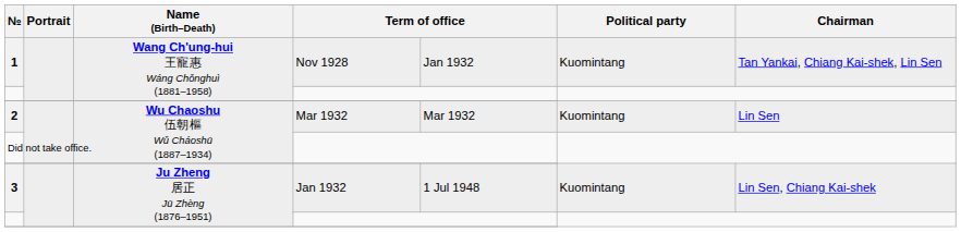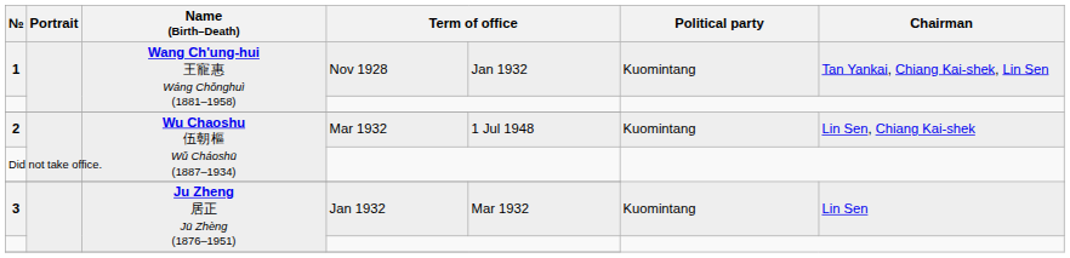 <table class=wikitable>
 <tr>
 <th>№</th>
 <th>Portrait</th>
 <th width=25%>Name<br><small>(Birth–Death)</small></th>
 <th colspan=2 width=30%>Term of office</th>
 <th width=20%>Political party</th>
 <th width=35%>Chairman</th>
 </tr>
 <tr - bgcolor=#EEEEEE>
 <th style="background:">1</th>
 <td rowspan=2 align=center></td>
 <td rowspan=2 align=center><strong><a href='#'>Wang Ch'ung-hui</a></strong><br><span>王寵惠</span><br><small><em>Wáng Chǒnghuì</em><br>(1881–1958)</small></td>
 <td>Nov 1928</td>
 <td>Jan 1932</td>
 <td>Kuomintang</td>
 <td><a href='#'>Tan Yankai</a>, <a href='#'>Chiang Kai-shek</a>, <a href='#'>Lin Sen</a></td>
 </tr>
 <tr>
 <td colspan=5></td>
 </tr>
 <tr ->
 </tr>
 <tr - bgcolor=#EEEEEE>
 <th style="background:">2</th>
 <td rowspan=2 align=center></td>
 <td rowspan=2 align=center><strong><a href='#'>Wu Chaoshu</a></strong><br><span>伍朝樞</span><br><small><em>Wǔ Cháoshū</em><br>(1887–1934)</small></td>
 <td>Mar 1932</td>
-<td>Mar 1932</td>
+<td>1 Jul 1948</td>
 <td>Kuomintang</td>
-<td><a href='#'>Lin Sen</a></td>
+<td><a href='#'>Lin Sen</a>, <a href='#'>Chiang Kai-shek</a></td>
 </tr>
 <tr>
 <td colspan=5><small>Did not take office.</small></td>
 </tr>
 <tr ->
 </tr>
 <tr - bgcolor=#EEEEEE>
 <th style="background:">3</th>
 <td rowspan=2 align=center></td>
 <td rowspan=2 align=center><strong><a href='#'>Ju Zheng</a></strong><br><span>居正</span><br><small><em>Jū Zhèng</em><br>(1876–1951)</small></td>
 <td>Jan 1932</td>
-<td>1 Jul 1948</td>
+<td>Mar 1932</td>
 <td>Kuomintang</td>
-<td><a href='#'>Lin Sen</a>, <a href='#'>Chiang Kai-shek</a></td>
+<td><a href='#'>Lin Sen</a></td>
 </tr>
 <tr>
 <td colspan=5></td>
 </tr>
 <tr ->
 </tr>
 </table>
